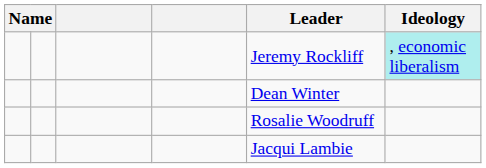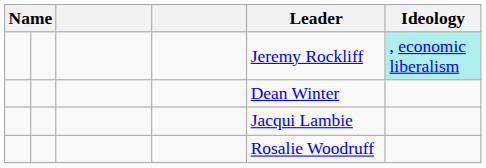 <table class="wikitable">
 <tr>
 <th colspan="2">Name</th>
 <th width="80px"></th>
 <th width="80px"></th>
 <th width=120px>Leader</th>
 <th width=80px>Ideology</th>
 </tr>
 <tr>
 <td></td>
 <td></td>
 <td></td>
 <td></td>
 <td><a href='#'>Jeremy Rockliff</a></td>
 <td style="background: paleturquoise;">, <a href='#'>economic liberalism</a></td>
 </tr>
 <tr>
 <td></td>
 <td></td>
 <td></td>
 <td></td>
 <td><a href='#'>Dean Winter</a></td>
 <td></td>
 </tr>
 <tr>
 <td></td>
 <td></td>
 <td></td>
 <td></td>
-<td><a href='#'>Rosalie Woodruff</a></td>
+<td><a href='#'>Jacqui Lambie</a></td>
 <td></td>
 </tr>
 <tr>
 <td></td>
 <td></td>
 <td></td>
 <td></td>
-<td><a href='#'>Jacqui Lambie</a></td>
+<td><a href='#'>Rosalie Woodruff</a></td>
 <td></td>
 </tr>
 </table>
